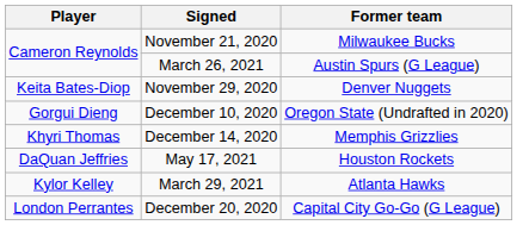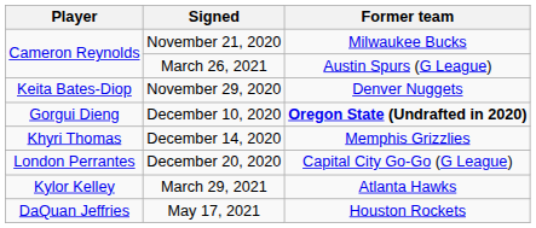 <table class="wikitable sortable sortable" style="text-align: center">
 <tr>
 <th>Player</th>
 <th>Signed</th>
 <th>Former team</th>
 </tr>
 <tr style="text-align: center">
 <td rowspan=2><a href='#'>Cameron Reynolds</a></td>
 <td>November 21, 2020</td>
 <td><a href='#'>Milwaukee Bucks</a></td>
 </tr>
 <tr style="text-align: center">
 <td>March 26, 2021</td>
 <td><a href='#'>Austin Spurs</a> (<a href='#'>G League</a>)</td>
 </tr>
 <tr style="text-align: center">
 <td><a href='#'>Keita Bates-Diop</a></td>
 <td>November 29, 2020</td>
 <td><a href='#'>Denver Nuggets</a></td>
 </tr>
 <tr style="text-align: center">
 <td><a href='#'>Gorgui Dieng</a></td>
 <td>December 10, 2020</td>
-<td><a href='#'>Oregon State</a> (Undrafted in 2020)</td>
+<td><strong><a href='#'>Oregon State</a> (Undrafted in 2020)</strong></td>
 </tr>
 <tr style="text-align: center">
 <td><a href='#'>Khyri Thomas</a></td>
 <td>December 14, 2020</td>
 <td><a href='#'>Memphis Grizzlies</a></td>
 </tr>
 <tr style="text-align: center">
-<td><a href='#'>DaQuan Jeffries</a></td>
-<td>May 17, 2021</td>
-<td><a href='#'>Houston Rockets</a></td>
+<td><a href='#'>London Perrantes</a></td>
+<td>December 20, 2020</td>
+<td><a href='#'>Capital City Go-Go</a> (<a href='#'>G League</a>)</td>
 </tr>
 <tr style="text-align: center">
 <td><a href='#'>Kylor Kelley</a></td>
 <td>March 29, 2021</td>
 <td><a href='#'>Atlanta Hawks</a></td>
 </tr>
 <tr style="text-align: center">
-<td><a href='#'>London Perrantes</a></td>
-<td>December 20, 2020</td>
-<td><a href='#'>Capital City Go-Go</a> (<a href='#'>G League</a>)</td>
+<td><a href='#'>DaQuan Jeffries</a></td>
+<td>May 17, 2021</td>
+<td><a href='#'>Houston Rockets</a></td>
 </tr>
 </table>
